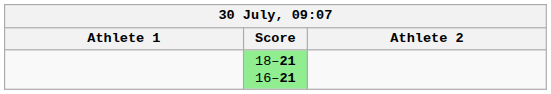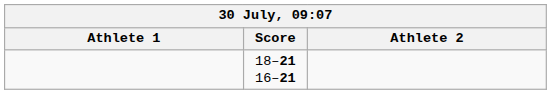 <table class="wikitable" style="text-align: center; font-size:90% ">
 <tr>
 <th colspan=3>30 July, 09:07</th>
 </tr>
 <tr>
 <th align="right" width="200">Athlete 1</th>
 <th width="50">Score</th>
 <th align="left" width="200">Athlete 2</th>
 </tr>
 <tr>
 <td align=right></td>
-<td align=center style="background: lightgreen;">18–<strong>21</strong><br>16–<strong>21</strong></td>
+<td align=center>18–<strong>21</strong><br>16–<strong>21</strong></td>
 <td align=left><strong></strong></td>
 </tr>
 </table>
